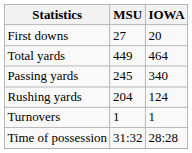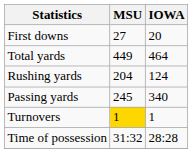 <table class="wikitable">
 <tr>
 <th>Statistics</th>
 <th>MSU</th>
 <th>IOWA</th>
 </tr>
 <tr>
 <td>First downs</td>
 <td>27</td>
 <td>20</td>
 </tr>
 <tr>
 <td>Total yards</td>
 <td>449</td>
 <td>464</td>
 </tr>
 <tr>
+<td>Rushing yards</td>
+<td>204</td>
+<td>124</td>
+</tr>
+<tr>
 <td>Passing yards</td>
 <td>245</td>
 <td>340</td>
 </tr>
 <tr>
-<td>Rushing yards</td>
-<td>204</td>
-<td>124</td>
-</tr>
-<tr>
 <td>Turnovers</td>
-<td>1</td>
+<td style="background: gold;">1</td>
 <td>1</td>
 </tr>
 <tr>
 <td>Time of possession</td>
 <td>31:32</td>
 <td>28:28</td>
 </tr>
 <tr>
 </tr>
 </table>
